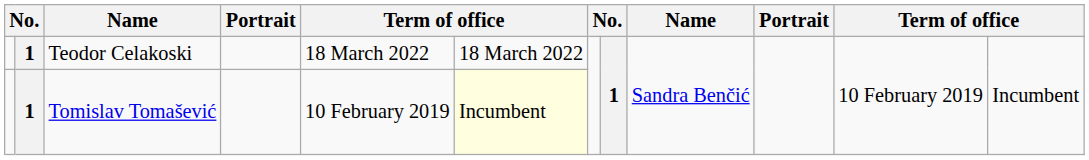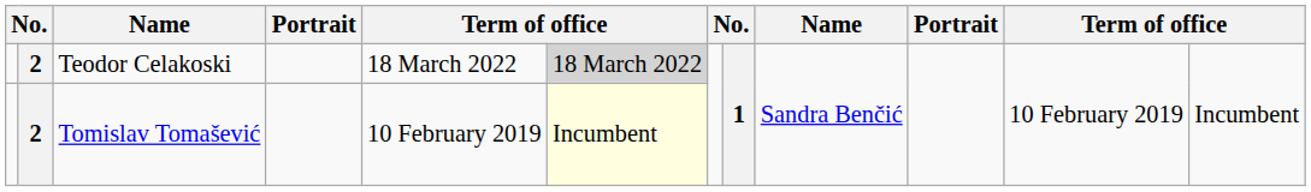 <table class="wikitable">
 <tr>
 <th colspan="2">No.</th>
 <th>Name</th>
 <th>Portrait</th>
 <th colspan="2">Term of office</th>
 <th colspan="2">No.</th>
 <th>Name</th>
 <th>Portrait</th>
 <th colspan="2">Term of office</th>
 </tr>
 <tr>
 <td width=1 style="background:"></td>
-<th>1</th>
+<th>2</th>
 <td>Teodor Celakoski</td>
 <td></td>
 <td>18 March 2022</td>
-<td>18 March 2022</td>
+<td style="background: lightgrey;">18 March 2022</td>
 <td rowspan=2 style="background:"></td>
 <th rowspan=2>1</th>
 <td rowspan=2><a href='#'>Sandra Benčić</a></td>
 <td rowspan=2></td>
 <td rowspan=2>10 February 2019</td>
 <td rowspan=2>Incumbent</td>
 </tr>
 <tr>
 <td height=60 style="border-bottom:solid 0 grey; background:"></td>
-<th>1</th>
+<th>2</th>
 <td><a href='#'>Tomislav Tomašević</a></td>
 <td></td>
 <td>10 February 2019</td>
 <td style="background: lightyellow;">Incumbent</td>
 </tr>
 </table>
